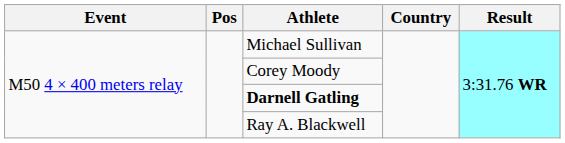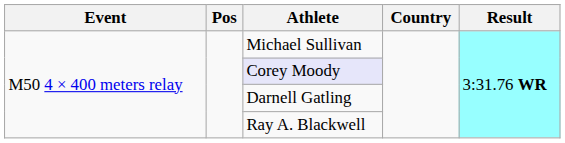 <table class="wikitable" style="width:60%;">
 <tr>
 <th>Event</th>
 <th>Pos</th>
 <th>Athlete</th>
 <th>Country</th>
 <th>Result</th>
 </tr>
 <tr>
 <td rowspan="4">M50 <a href='#'>4 × 400 meters relay</a></td>
 <td rowspan="4" align="center"></td>
 <td>Michael Sullivan</td>
 <td rowspan="4"></td>
 <td rowspan="4" bgcolor=#97ffff>3:31.76 <strong>WR</strong></td>
 </tr>
 <tr>
-<td>Corey Moody</td>
+<td style="background: lavender;">Corey Moody</td>
 </tr>
 <tr>
-<td><strong>Darnell Gatling</strong></td>
+<td>Darnell Gatling</td>
 </tr>
 <tr>
 <td>Ray A. Blackwell</td>
 </tr>
 </table>
